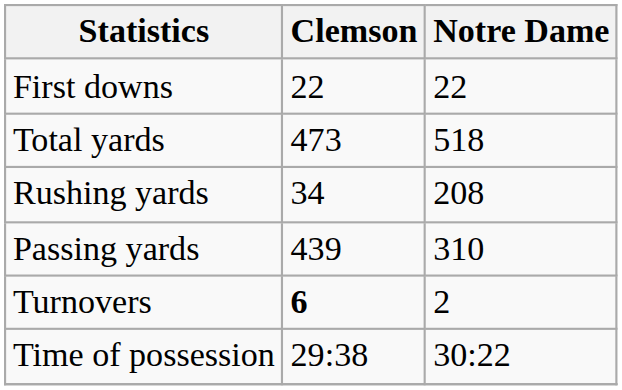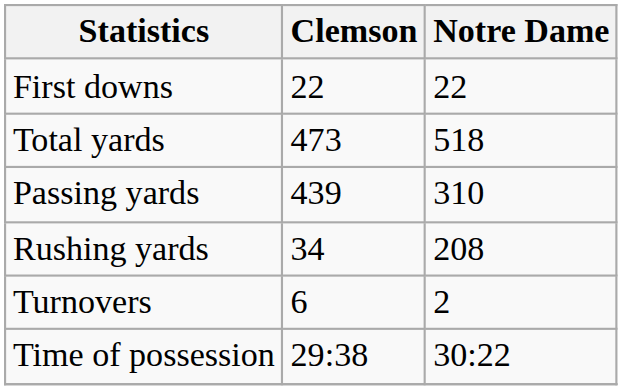 <table class="wikitable">
 <tr>
 <th>Statistics</th>
 <th>Clemson</th>
 <th>Notre Dame</th>
 </tr>
 <tr>
 <td>First downs</td>
 <td>22</td>
 <td>22</td>
 </tr>
 <tr>
 <td>Total yards</td>
 <td>473</td>
 <td>518</td>
 </tr>
 <tr>
+<td>Passing yards</td>
+<td>439</td>
+<td>310</td>
+</tr>
+<tr>
 <td>Rushing yards</td>
 <td>34</td>
 <td>208</td>
 </tr>
 <tr>
-<td>Passing yards</td>
-<td>439</td>
-<td>310</td>
-</tr>
-<tr>
 <td>Turnovers</td>
-<td><strong>6</strong></td>
+<td>6</td>
 <td>2</td>
 </tr>
 <tr>
 <td>Time of possession</td>
 <td>29:38</td>
 <td>30:22</td>
 </tr>
 <tr>
 </tr>
 </table>
